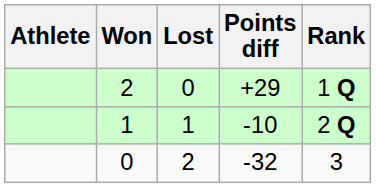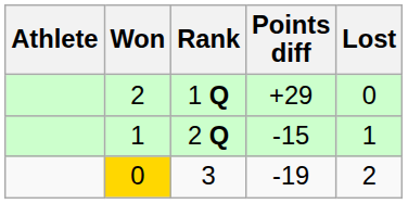 <table class="wikitable">
 <tr>
 <th>Athlete</th>
 <th>Won</th>
+<th>Rank</th>
+<th>Points<br>diff</th>
 <th>Lost</th>
-<th>Points<br>diff</th>
-<th>Rank</th>
 </tr>
 <tr bgcolor="#ccffcc">
 <td><strong></strong></td>
 <td align="center">2</td>
+<td align="center">1 <strong>Q</strong></td>
+<td align="center">+29</td>
 <td align="center">0</td>
-<td align="center">+29</td>
-<td align="center">1 <strong>Q</strong></td>
 </tr>
 <tr bgcolor="#ccffcc">
 <td><strong></strong></td>
 <td align="center">1</td>
+<td align="center">2 <strong>Q</strong></td>
+<td align="center">-15</td>
 <td align="center">1</td>
-<td align="center">-10</td>
-<td align="center">2 <strong>Q</strong></td>
 </tr>
 <tr>
 <td></td>
-<td align="center">0</td>
+<td align="center" style="background: gold;">0</td>
+<td align="center">3 <strong></strong></td>
+<td align="center">-19</td>
 <td align="center">2</td>
-<td align="center">-32</td>
-<td align="center">3 <strong></strong></td>
 </tr>
 </table>
